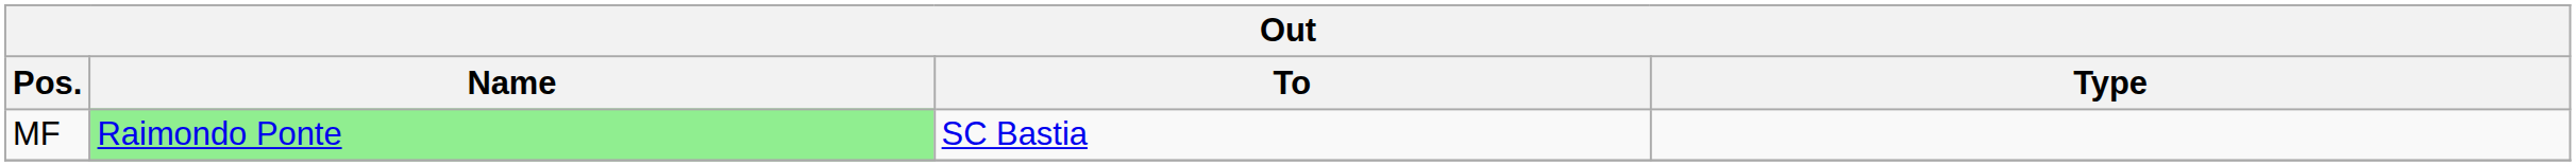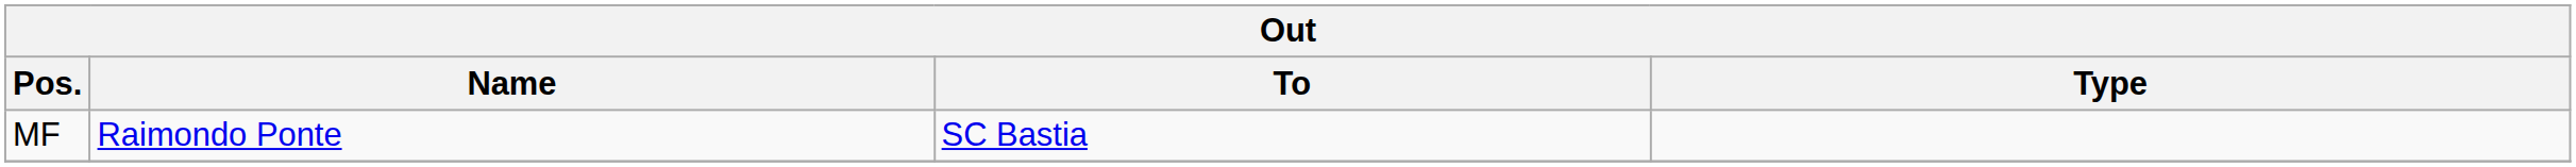 <table class="wikitable" style="font-size:100%;width:99%;">
 <tr>
 <th colspan="4">Out</th>
 </tr>
 <tr>
 <th width=3%>Pos.</th>
 <th width=33%>Name</th>
 <th width=28%>To</th>
 <th width=36%>Type</th>
 </tr>
 <tr>
 <td>MF</td>
-<td style="background: lightgreen;"><a href='#'>Raimondo Ponte</a></td>
+<td><a href='#'>Raimondo Ponte</a></td>
 <td><a href='#'>SC Bastia</a></td>
 <td></td>
 </tr>
 <tr>
 </tr>
 </table>
